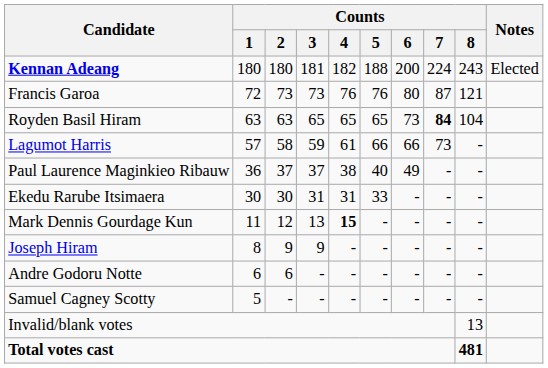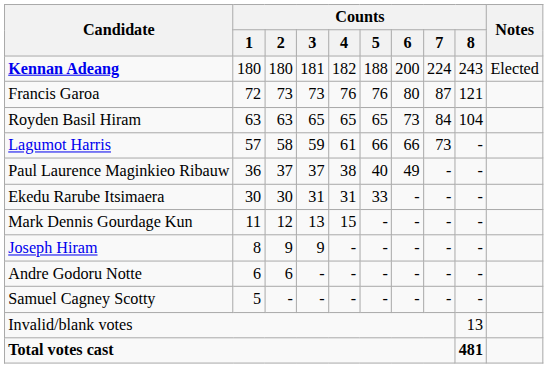 <table class=wikitable style=text-align:right>
 <tr>
 <th rowspan=2>Candidate</th>
 <th colspan=8>Counts</th>
 <th rowspan=2>Notes</th>
 </tr>
 <tr>
 <th>1</th>
 <th>2</th>
 <th>3</th>
 <th>4</th>
 <th>5</th>
 <th>6</th>
 <th>7</th>
 <th>8</th>
 </tr>
 <tr>
 <td align=left><strong><a href='#'>Kennan Adeang</a></strong></td>
 <td>180</td>
 <td>180</td>
 <td>181</td>
 <td>182</td>
 <td>188</td>
 <td>200</td>
 <td>224</td>
 <td>243</td>
 <td align=left>Elected</td>
 </tr>
 <tr>
 <td align=left>Francis Garoa</td>
 <td>72</td>
 <td>73</td>
 <td>73</td>
 <td>76</td>
 <td>76</td>
 <td>80</td>
 <td>87</td>
 <td>121</td>
 <td align=left></td>
 </tr>
 <tr>
 <td align=left>Royden Basil Hiram</td>
 <td>63</td>
 <td>63</td>
 <td>65</td>
 <td>65</td>
 <td>65</td>
 <td>73</td>
-<td><strong>84</strong></td>
+<td>84</td>
 <td>104</td>
 <td align=left></td>
 </tr>
 <tr>
 <td align=left><a href='#'>Lagumot Harris</a></td>
 <td>57</td>
 <td>58</td>
 <td>59</td>
 <td>61</td>
 <td>66</td>
 <td>66</td>
 <td>73</td>
 <td>-</td>
 <td align=left></td>
 </tr>
 <tr>
 <td align=left>Paul Laurence Maginkieo Ribauw</td>
 <td>36</td>
 <td>37</td>
 <td>37</td>
 <td>38</td>
 <td>40</td>
 <td>49</td>
 <td>-</td>
 <td>-</td>
 <td align=left></td>
 </tr>
 <tr>
 <td align=left>Ekedu Rarube Itsimaera</td>
 <td>30</td>
 <td>30</td>
 <td>31</td>
 <td>31</td>
 <td>33</td>
 <td>-</td>
 <td>-</td>
 <td>-</td>
 <td align=left></td>
 </tr>
 <tr>
 <td align=left>Mark Dennis Gourdage Kun</td>
 <td>11</td>
 <td>12</td>
 <td>13</td>
-<td><strong>15</strong></td>
+<td>15</td>
 <td>-</td>
 <td>-</td>
 <td>-</td>
 <td>-</td>
 <td align=left></td>
 </tr>
 <tr>
 <td align=left><a href='#'>Joseph Hiram</a></td>
 <td>8</td>
 <td>9</td>
 <td>9</td>
 <td>-</td>
 <td>-</td>
 <td>-</td>
 <td>-</td>
 <td>-</td>
 <td align=left></td>
 </tr>
 <tr>
 <td align=left>Andre Godoru Notte</td>
 <td>6</td>
 <td>6</td>
 <td>-</td>
 <td>-</td>
 <td>-</td>
 <td>-</td>
 <td>-</td>
 <td>-</td>
 <td align=left></td>
 </tr>
 <tr>
 <td align=left>Samuel Cagney Scotty</td>
 <td>5</td>
 <td>-</td>
 <td>-</td>
 <td>-</td>
 <td>-</td>
 <td>-</td>
 <td>-</td>
 <td>-</td>
 <td align=left></td>
 </tr>
 <tr>
 <td align=left colspan=8>Invalid/blank votes</td>
 <td>13</td>
 <td></td>
 </tr>
 <tr>
 <td align=left colspan=8><strong>Total votes cast</strong></td>
 <td><strong>481</strong></td>
 <td></td>
 </tr>
 </table>
